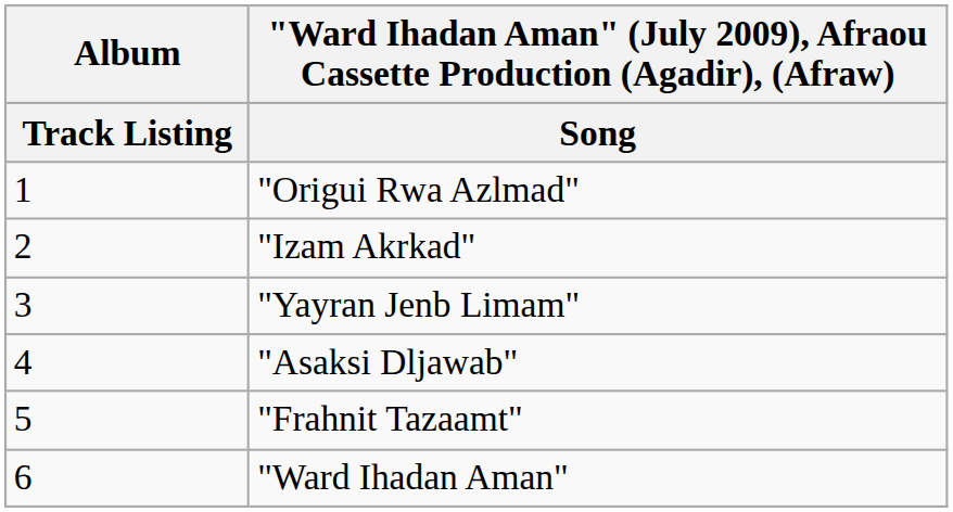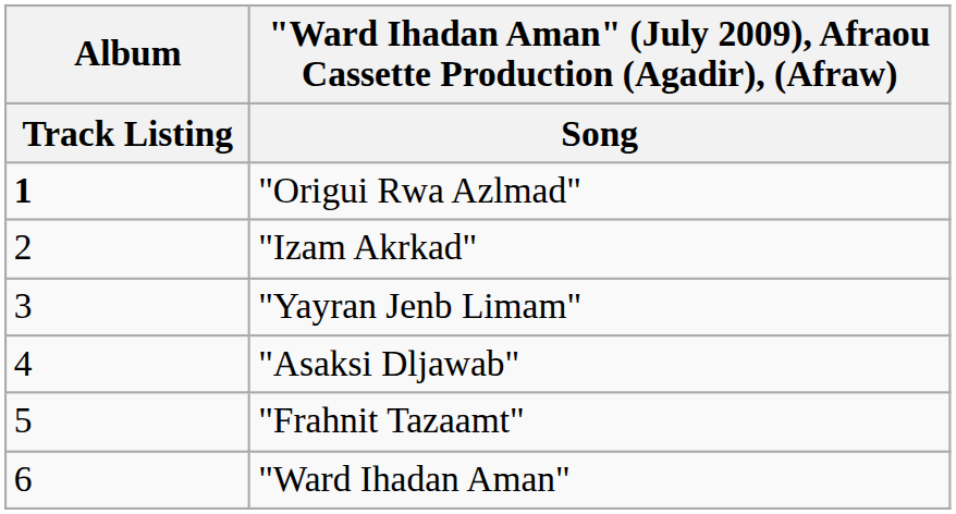 <table class="wikitable">
 <tr>
 <th>Album</th>
 <th>"Ward Ihadan Aman" (July 2009), Afraou Cassette Production (Agadir), (Afraw)</th>
 </tr>
 <tr>
 <th width="100pt">Track Listing</th>
 <th width="300pt">Song</th>
 </tr>
 <tr>
-<td>1</td>
+<td><strong>1</strong></td>
 <td>"Origui Rwa Azlmad"</td>
 </tr>
 <tr>
 <td>2</td>
 <td>"Izam Akrkad"</td>
 </tr>
 <tr>
 <td>3</td>
 <td>"Yayran Jenb Limam"</td>
 </tr>
 <tr>
 <td>4</td>
 <td>"Asaksi Dljawab"</td>
 </tr>
 <tr>
 <td>5</td>
 <td>"Frahnit Tazaamt"</td>
 </tr>
 <tr>
 <td>6</td>
 <td>"Ward Ihadan Aman"</td>
 </tr>
 </table>
